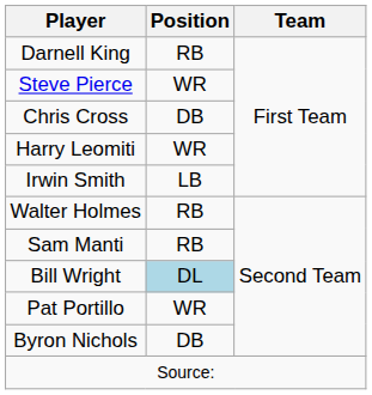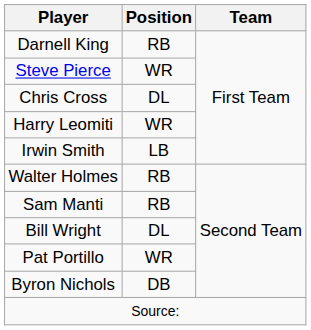 <table class="wikitable" style="text-align: center">
 <tr align=center>
 <th>Player</th>
 <th>Position</th>
 <th>Team</th>
 </tr>
 <tr>
 <td>Darnell King</td>
 <td>RB</td>
 <td rowspan=5>First Team</td>
 </tr>
 <tr>
 <td><a href='#'>Steve Pierce</a></td>
 <td>WR</td>
 </tr>
 <tr>
 <td>Chris Cross</td>
-<td>DB</td>
+<td>DL</td>
 </tr>
 <tr>
 <td>Harry Leomiti</td>
 <td>WR</td>
 </tr>
 <tr>
 <td>Irwin Smith</td>
 <td>LB</td>
 </tr>
 <tr>
 <td>Walter Holmes</td>
 <td>RB</td>
 <td rowspan=5>Second Team</td>
 </tr>
 <tr>
 <td>Sam Manti</td>
 <td>RB</td>
 </tr>
 <tr>
 <td>Bill Wright</td>
-<td style="background: lightblue;">DL</td>
+<td>DL</td>
 </tr>
 <tr>
 <td>Pat Portillo</td>
 <td>WR</td>
 </tr>
 <tr>
 <td>Byron Nichols</td>
 <td>DB</td>
 </tr>
 <tr>
 <td colspan="3"><small>Source:</small></td>
 </tr>
 </table>
